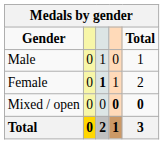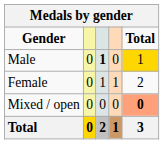 <table class="wikitable" style="text-align:center;font-size:90%">
 <tr style="background:#efefef;">
 <th colspan=7>Medals by gender</th>
 </tr>
 <tr>
 <td><strong>Gender</strong></td>
 <td bgcolor=#f7f6a8></td>
 <td bgcolor=#dce5e5></td>
 <td bgcolor=#ffdab9></td>
 <td><strong>Total</strong></td>
 </tr>
 <tr>
 <td style="text-align:left;">Male</td>
 <td style="background:#F7F6A8;">0</td>
-<td style="background:#DCE5E5;">1</td>
+<td style="background:#DCE5E5;"><strong>1</strong></td>
 <td style="background:#FFDAB9;">0</td>
-<td>1</td>
+<td style="background: gold;">1</td>
 </tr>
 <tr>
 <td style="text-align:left;">Female</td>
 <td style="background:#F7F6A8;">0</td>
-<td style="background:#DCE5E5;"><strong>1</strong></td>
+<td style="background:#DCE5E5;">1</td>
 <td style="background:#FFDAB9;">1</td>
 <td>2</td>
 </tr>
 <tr>
 <td style="text-align:left;">Mixed / open</td>
 <td style="background:#F7F6A8;">0</td>
 <td style="background:#DCE5E5;">0</td>
-<td style="background:#FFDAB9;"><strong>0</strong></td>
-<td><strong>0</strong></td>
+<td style="background:#FFDAB9;">0</td>
+<td style="background: lightsalmon;"><strong>0</strong></td>
 </tr>
 <tr>
 <th style="text-align:left;">Total</th>
 <th style="background:gold;">0</th>
 <th style="background:silver;">2</th>
 <th style="background:#c96;">1</th>
 <th>3</th>
 </tr>
 </table>
